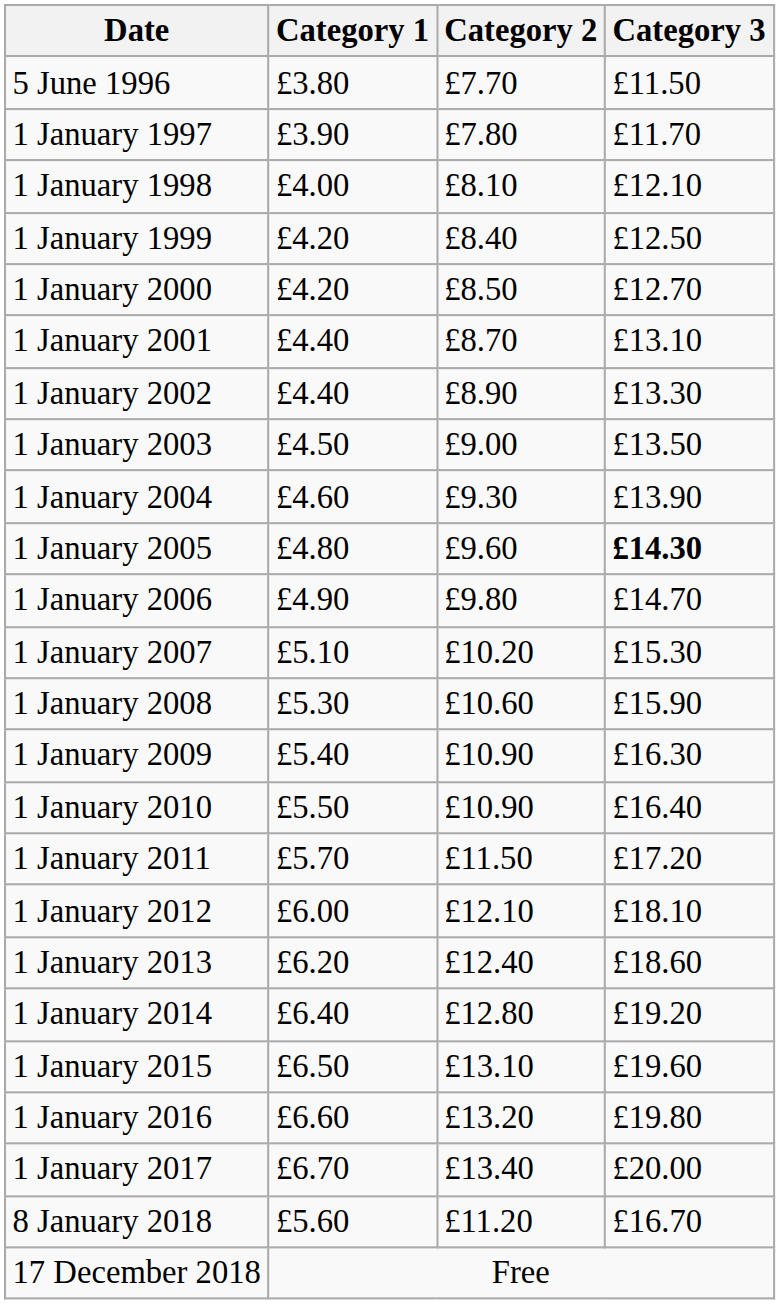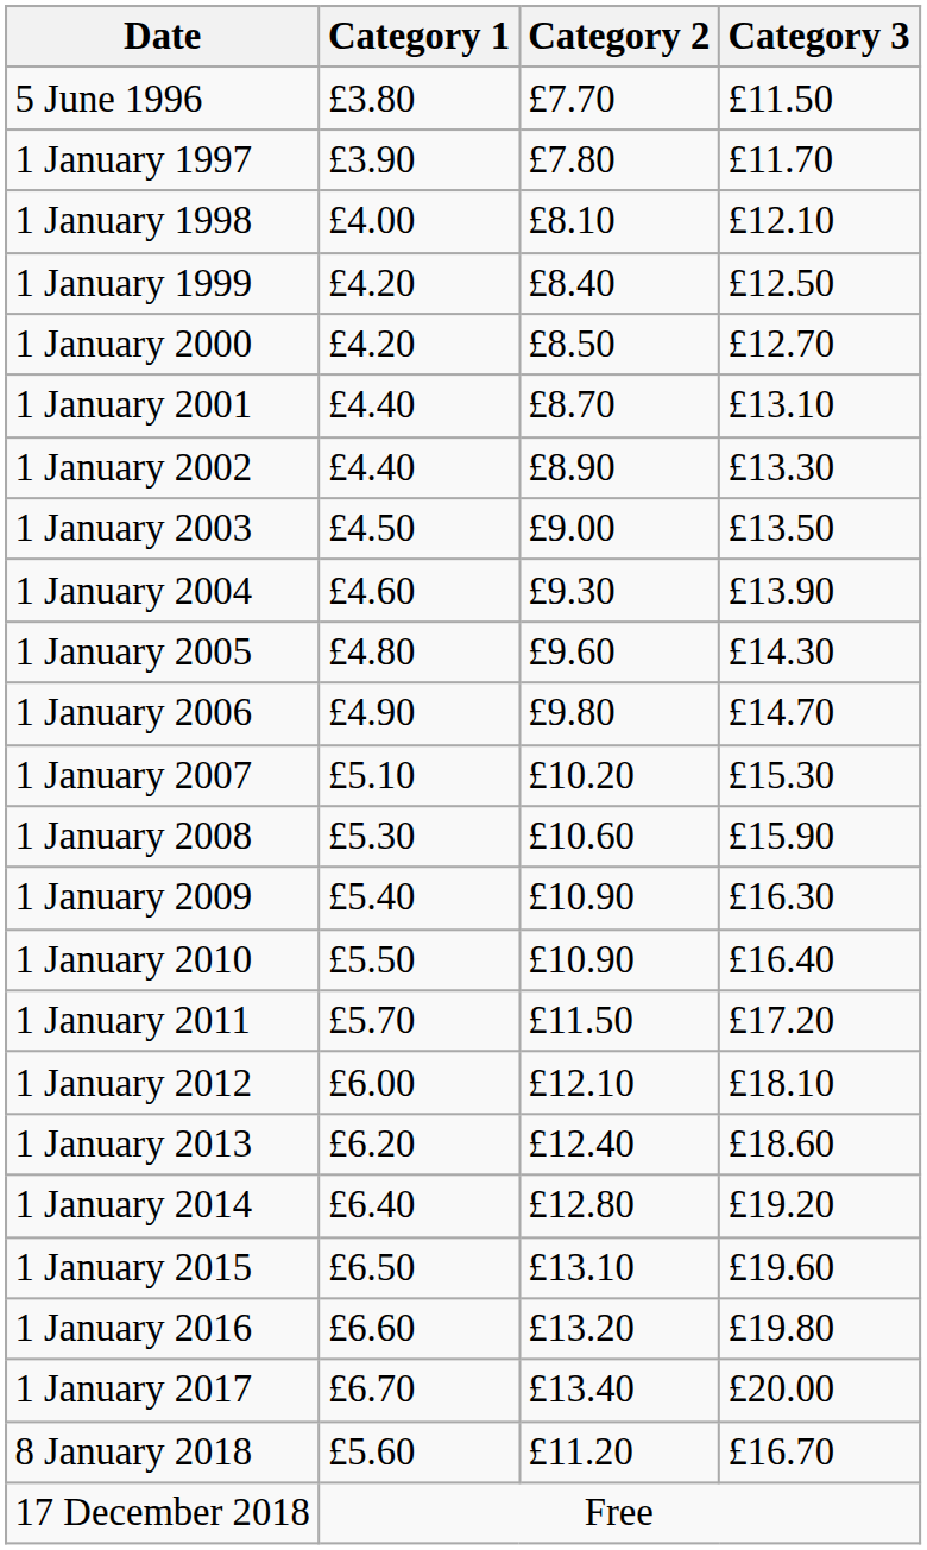 <table class="wikitable" style="text-align:left">
 <tr>
 <th>Date</th>
 <th>Category 1</th>
 <th>Category 2</th>
 <th>Category 3</th>
 </tr>
 <tr>
 <td>5 June 1996</td>
 <td>£3.80</td>
 <td>£7.70</td>
 <td>£11.50</td>
 </tr>
 <tr>
 <td>1 January 1997</td>
 <td>£3.90</td>
 <td>£7.80</td>
 <td>£11.70</td>
 </tr>
 <tr>
 <td>1 January 1998</td>
 <td>£4.00</td>
 <td>£8.10</td>
 <td>£12.10</td>
 </tr>
 <tr>
 <td>1 January 1999</td>
 <td>£4.20</td>
 <td>£8.40</td>
 <td>£12.50</td>
 </tr>
 <tr>
 <td>1 January 2000</td>
 <td>£4.20</td>
 <td>£8.50</td>
 <td>£12.70</td>
 </tr>
 <tr>
 <td>1 January 2001</td>
 <td>£4.40</td>
 <td>£8.70</td>
 <td>£13.10</td>
 </tr>
 <tr>
 <td>1 January 2002</td>
 <td>£4.40</td>
 <td>£8.90</td>
 <td>£13.30</td>
 </tr>
 <tr>
 <td>1 January 2003</td>
 <td>£4.50</td>
 <td>£9.00</td>
 <td>£13.50</td>
 </tr>
 <tr>
 <td>1 January 2004</td>
 <td>£4.60</td>
 <td>£9.30</td>
 <td>£13.90</td>
 </tr>
 <tr>
 <td>1 January 2005</td>
 <td>£4.80</td>
 <td>£9.60</td>
-<td><strong>£14.30</strong></td>
+<td>£14.30</td>
 </tr>
 <tr>
 <td>1 January 2006</td>
 <td>£4.90</td>
 <td>£9.80</td>
 <td>£14.70</td>
 </tr>
 <tr>
 <td>1 January 2007</td>
 <td>£5.10</td>
 <td>£10.20</td>
 <td>£15.30</td>
 </tr>
 <tr>
 <td>1 January 2008</td>
 <td>£5.30</td>
 <td>£10.60</td>
 <td>£15.90</td>
 </tr>
 <tr>
 <td>1 January 2009</td>
 <td>£5.40</td>
 <td>£10.90</td>
 <td>£16.30</td>
 </tr>
 <tr>
 <td>1 January 2010</td>
 <td>£5.50</td>
 <td>£10.90</td>
 <td>£16.40</td>
 </tr>
 <tr>
 <td>1 January 2011</td>
 <td>£5.70</td>
 <td>£11.50</td>
 <td>£17.20</td>
 </tr>
 <tr>
 <td>1 January 2012</td>
 <td>£6.00</td>
 <td>£12.10</td>
 <td>£18.10</td>
 </tr>
 <tr>
 <td>1 January 2013</td>
 <td>£6.20</td>
 <td>£12.40</td>
 <td>£18.60</td>
 </tr>
 <tr>
 <td>1 January 2014</td>
 <td>£6.40</td>
 <td>£12.80</td>
 <td>£19.20</td>
 </tr>
 <tr>
 <td>1 January 2015</td>
 <td>£6.50</td>
 <td>£13.10</td>
 <td>£19.60</td>
 </tr>
 <tr>
 <td>1 January 2016</td>
 <td>£6.60</td>
 <td>£13.20</td>
 <td>£19.80</td>
 </tr>
 <tr>
 <td>1 January 2017</td>
 <td>£6.70</td>
 <td>£13.40</td>
 <td>£20.00</td>
 </tr>
 <tr>
 <td>8 January 2018</td>
 <td>£5.60</td>
 <td>£11.20</td>
 <td>£16.70</td>
 </tr>
 <tr>
 <td>17 December 2018</td>
 <td colspan=3 style="text-align:center;">Free</td>
 </tr>
 </table>
